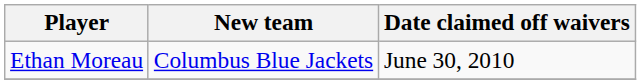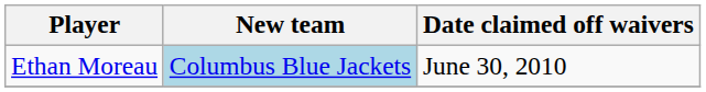 <table class="wikitable">
 <tr>
 <th>Player</th>
 <th>New team</th>
 <th>Date claimed off waivers</th>
 </tr>
 <tr>
 <td><a href='#'>Ethan Moreau</a></td>
-<td><a href='#'>Columbus Blue Jackets</a></td>
+<td style="background: lightblue;"><a href='#'>Columbus Blue Jackets</a></td>
 <td>June 30, 2010</td>
 </tr>
 <tr>
 </tr>
 </table>
